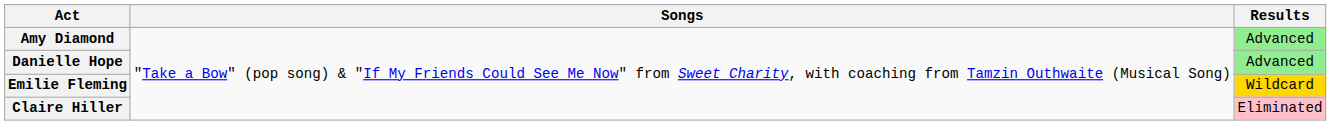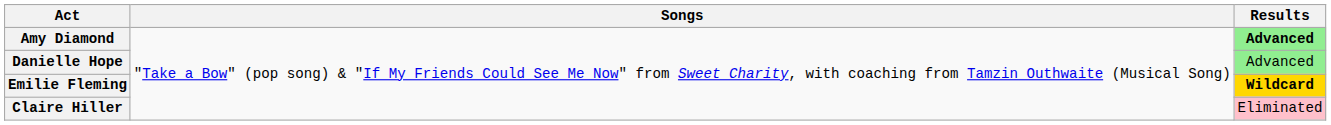 <table class="wikitable plainrowheaders" style="text-align:center;">
 <tr>
 <th scope="col">Act</th>
 <th scope="col">Songs</th>
 <th scope="col">Results</th>
 </tr>
 <tr>
 <th scope="row">Amy Diamond</th>
 <td rowspan="4">"<a href='#'>Take a Bow</a>" (pop song) &  "<a href='#'>If My Friends Could See Me Now</a>" from <em><a href='#'>Sweet Charity</a></em>, with coaching from <a href='#'>Tamzin Outhwaite</a> (Musical Song)</td>
-<td style="background:lightgreen;">Advanced</td>
+<td style="background:lightgreen;"><strong>Advanced</strong></td>
 </tr>
 <tr>
 <th scope="row">Danielle Hope</th>
 <td style="background:lightgreen;">Advanced</td>
 </tr>
 <tr>
 <th scope="row">Emilie Fleming</th>
-<td style="background:gold;">Wildcard</td>
+<td style="background:gold;"><strong>Wildcard</strong></td>
 </tr>
 <tr>
 <th scope="row">Claire Hiller</th>
 <td style="background:pink;">Eliminated</td>
 </tr>
 </table>
